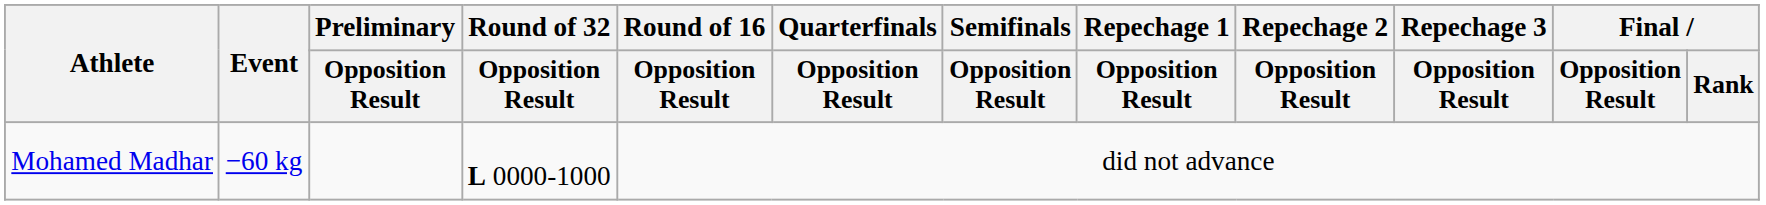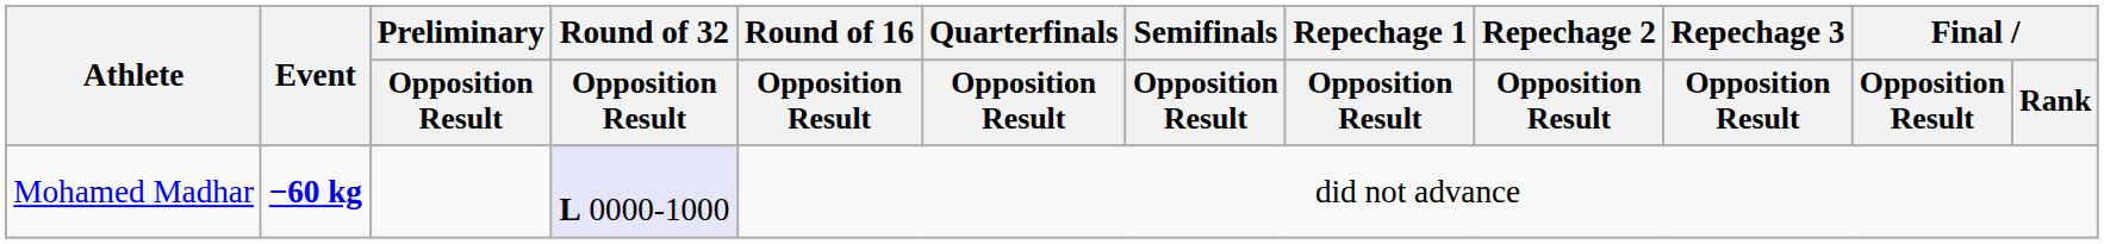 <table class="wikitable" style="font-size:90%">
 <tr>
 <th rowspan="2">Athlete</th>
 <th rowspan="2">Event</th>
 <th>Preliminary</th>
 <th>Round of 32</th>
 <th>Round of 16</th>
 <th>Quarterfinals</th>
 <th>Semifinals</th>
 <th>Repechage 1</th>
 <th>Repechage 2</th>
 <th>Repechage 3</th>
 <th colspan=2>Final / </th>
 </tr>
 <tr style="font-size:95%">
 <th>Opposition<br>Result</th>
 <th>Opposition<br>Result</th>
 <th>Opposition<br>Result</th>
 <th>Opposition<br>Result</th>
 <th>Opposition<br>Result</th>
 <th>Opposition<br>Result</th>
 <th>Opposition<br>Result</th>
 <th>Opposition<br>Result</th>
 <th>Opposition<br>Result</th>
 <th>Rank</th>
 </tr>
 <tr align=center>
 <td align=left><a href='#'>Mohamed Madhar</a></td>
-<td align=left><a href='#'>−60 kg</a></td>
+<td align=left><strong><a href='#'>−60 kg</a></strong></td>
 <td></td>
-<td><br><strong>L</strong> 0000-1000</td>
+<td style="background: lavender;"><br><strong>L</strong> 0000-1000</td>
 <td colspan=8>did not advance</td>
 </tr>
 </table>
